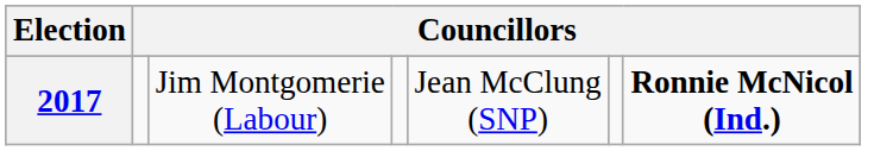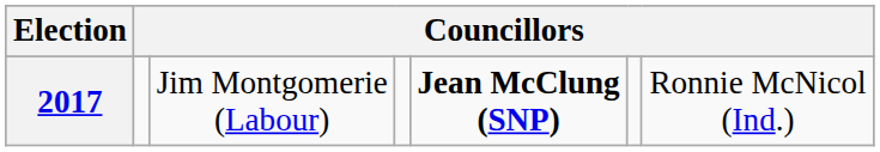 <table class="wikitable" style="text-align:center">
 <tr>
 <th>Election</th>
 <th colspan=6>Councillors</th>
 </tr>
 <tr>
 <th><a href='#'>2017</a></th>
 <td style="background-color: "></td>
 <td>Jim Montgomerie<br>(<a href='#'>Labour</a>)</td>
 <td style="background-color: "></td>
-<td>Jean McClung<br>(<a href='#'>SNP</a>)</td>
+<td><strong>Jean McClung<br>(<a href='#'>SNP</a>)</strong></td>
 <td style="background-color: "></td>
-<td><strong>Ronnie McNicol<br>(<a href='#'>Ind</a>.)</strong></td>
+<td>Ronnie McNicol<br>(<a href='#'>Ind</a>.)</td>
 </tr>
 </table>
